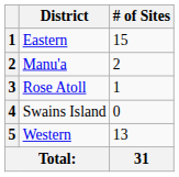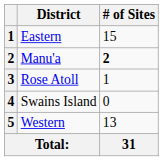 <table class="wikitable sortable">
 <tr>
 <th></th>
 <th><strong>District</strong></th>
 <th><strong># of Sites</strong></th>
 </tr>
 <tr ->
 <th>1</th>
 <td><a href='#'>Eastern</a></td>
 <td>15</td>
 </tr>
 <tr ->
 <th>2</th>
 <td><a href='#'>Manu'a</a></td>
-<td>2</td>
+<td><strong>2</strong></td>
 </tr>
 <tr ->
 <th>3</th>
 <td><a href='#'>Rose Atoll</a></td>
 <td>1</td>
 </tr>
 <tr ->
 <th>4</th>
 <td>Swains Island</td>
 <td>0</td>
 </tr>
 <tr ->
 <th>5</th>
 <td><a href='#'>Western</a></td>
 <td>13</td>
 </tr>
 <tr class="sortbottom">
 <th colspan="2">Total:</th>
 <th>31</th>
 </tr>
 </table>
